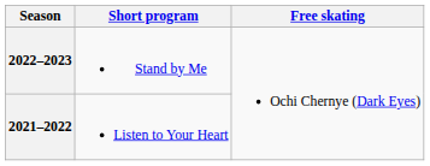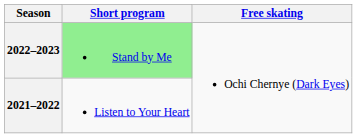 <table class="wikitable" style="text-align:center">
 <tr>
 <th>Season</th>
 <th><a href='#'>Short program</a></th>
 <th><a href='#'>Free skating</a></th>
 </tr>
 <tr>
 <th>2022–2023 <br></th>
-<td><br><ul><li><a href='#'>Stand by Me</a> <br> </li></ul></td>
+<td style="background: lightgreen;"><br><ul><li><a href='#'>Stand by Me</a> <br> </li></ul></td>
 <td rowspan=2><br><ul><li>Ochi Chernye (<a href='#'>Dark Eyes</a>) <br></li></ul></td>
 </tr>
 <tr>
 <th>2021–2022 <br></th>
 <td><br><ul><li><a href='#'>Listen to Your Heart</a> <br></li></ul></td>
 </tr>
 </table>
